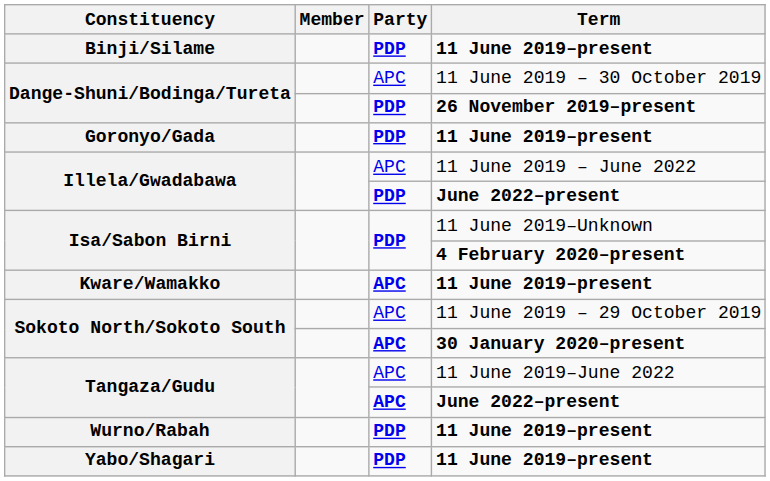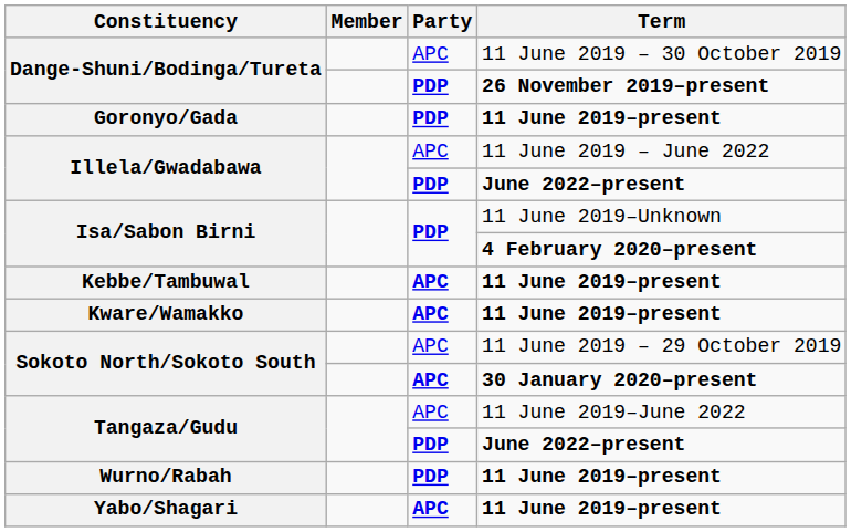 <table class="wikitable">
 <tr valign=bottom>
 <th>Constituency</th>
 <th>Member</th>
 <th>Party</th>
 <th>Term</th>
-</tr>
-<tr>
-<th>Binji/Silame</th>
-<td><strong></strong></td>
-<td><strong><a href='#'>PDP</a></strong></td>
-<td><strong>11 June 2019–present</strong></td>
 </tr>
 <tr>
 <th rowspan=2>Dange-Shuni/Bodinga/Tureta</th>
 <td style="opacity:.4;"></td>
 <td><a href='#'>APC</a></td>
 <td>11 June 2019 – 30 October 2019</td>
 </tr>
 <tr>
 <td><strong></strong></td>
 <td><strong><a href='#'>PDP</a></strong></td>
 <td><strong>26 November 2019–present</strong></td>
 </tr>
 <tr>
 <th>Goronyo/Gada</th>
 <td><strong></strong></td>
 <td><strong><a href='#'>PDP</a></strong></td>
 <td><strong>11 June 2019–present</strong></td>
 </tr>
 <tr>
 <th rowspan=2>Illela/Gwadabawa</th>
 <td rowspan=2><strong></strong></td>
 <td><a href='#'>APC</a></td>
 <td>11 June 2019 – June 2022</td>
 </tr>
 <tr>
 <td><strong><a href='#'>PDP</a></strong></td>
 <td><strong>June 2022–present</strong></td>
 </tr>
 <tr>
 <th rowspan=2>Isa/Sabon Birni</th>
 <td rowspan=2><strong></strong></td>
 <td rowspan=2 ><strong><a href='#'>PDP</a></strong></td>
 <td>11 June 2019–Unknown</td>
 </tr>
 <tr>
 <td><strong>4 February 2020–present</strong></td>
 </tr>
 <tr>
+<th>Kebbe/Tambuwal</th>
+<td><strong></strong></td>
+<td><strong><a href='#'>APC</a></strong></td>
+<td><strong>11 June 2019–present</strong></td>
+</tr>
+<tr>
 <th>Kware/Wamakko</th>
 <td><strong></strong></td>
 <td><strong><a href='#'>APC</a></strong></td>
 <td><strong>11 June 2019–present</strong></td>
 </tr>
 <tr>
 <th rowspan=2>Sokoto North/Sokoto South</th>
 <td style="opacity:.4;"></td>
 <td><a href='#'>APC</a></td>
 <td>11 June 2019 – 29 October 2019</td>
 </tr>
 <tr>
 <td><strong></strong></td>
 <td><strong><a href='#'>APC</a></strong></td>
 <td><strong>30 January 2020–present</strong></td>
 </tr>
 <tr>
 <th rowspan=2>Tangaza/Gudu</th>
 <td rowspan=2><strong></strong></td>
 <td><a href='#'>APC</a></td>
 <td>11 June 2019–June 2022</td>
 </tr>
 <tr>
-<td><strong><a href='#'>APC</a></strong></td>
+<td><strong><a href='#'>PDP</a></strong></td>
 <td><strong>June 2022–present</strong></td>
 </tr>
 <tr>
 <th>Wurno/Rabah</th>
 <td><strong></strong></td>
 <td><strong><a href='#'>PDP</a></strong></td>
 <td><strong>11 June 2019–present</strong></td>
 </tr>
 <tr>
 <th>Yabo/Shagari</th>
 <td><strong></strong></td>
-<td><strong><a href='#'>PDP</a></strong></td>
+<td><strong><a href='#'>APC</a></strong></td>
 <td><strong>11 June 2019–present</strong></td>
 </tr>
 </table>
